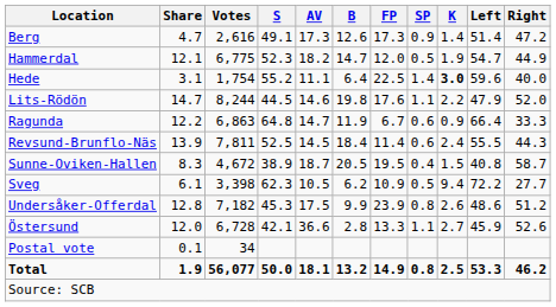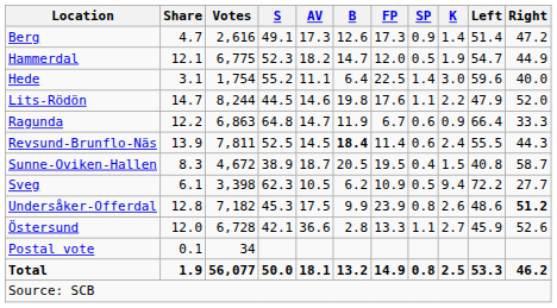 <table class="wikitable sortable" style=text-align:right>
 <tr>
 <th>Location</th>
 <th>Share</th>
 <th>Votes</th>
 <th><a href='#'>S</a></th>
 <th><a href='#'>AV</a></th>
 <th><a href='#'>B</a></th>
 <th><a href='#'>FP</a></th>
 <th><a href='#'>SP</a></th>
 <th><a href='#'>K</a></th>
 <th>Left</th>
 <th>Right</th>
 </tr>
 <tr>
 <td align=left><a href='#'>Berg</a></td>
 <td>4.7</td>
 <td>2,616</td>
 <td>49.1</td>
 <td>17.3</td>
 <td>12.6</td>
 <td>17.3</td>
 <td>0.9</td>
 <td>1.4</td>
 <td>51.4</td>
 <td>47.2</td>
 </tr>
 <tr>
 <td align=left><a href='#'>Hammerdal</a></td>
 <td>12.1</td>
 <td>6,775</td>
 <td>52.3</td>
 <td>18.2</td>
 <td>14.7</td>
 <td>12.0</td>
 <td>0.5</td>
 <td>1.9</td>
 <td>54.7</td>
 <td>44.9</td>
 </tr>
 <tr>
 <td align=left><a href='#'>Hede</a></td>
 <td>3.1</td>
 <td>1,754</td>
 <td>55.2</td>
 <td>11.1</td>
 <td>6.4</td>
 <td>22.5</td>
 <td>1.4</td>
-<td><strong>3.0</strong></td>
+<td>3.0</td>
 <td>59.6</td>
 <td>40.0</td>
 </tr>
 <tr>
 <td align=left><a href='#'>Lits-Rödön</a></td>
 <td>14.7</td>
 <td>8,244</td>
 <td>44.5</td>
 <td>14.6</td>
 <td>19.8</td>
 <td>17.6</td>
 <td>1.1</td>
 <td>2.2</td>
 <td>47.9</td>
 <td>52.0</td>
 </tr>
 <tr>
 <td align=left><a href='#'>Ragunda</a></td>
 <td>12.2</td>
 <td>6,863</td>
 <td>64.8</td>
 <td>14.7</td>
 <td>11.9</td>
 <td>6.7</td>
 <td>0.6</td>
 <td>0.9</td>
 <td>66.4</td>
 <td>33.3</td>
 </tr>
 <tr>
 <td align=left><a href='#'>Revsund-Brunflo-Näs</a></td>
 <td>13.9</td>
 <td>7,811</td>
 <td>52.5</td>
 <td>14.5</td>
-<td>18.4</td>
+<td><strong>18.4</strong></td>
 <td>11.4</td>
 <td>0.6</td>
 <td>2.4</td>
 <td>55.5</td>
 <td>44.3</td>
 </tr>
 <tr>
 <td align=left><a href='#'>Sunne-Oviken-Hallen</a></td>
 <td>8.3</td>
 <td>4,672</td>
 <td>38.9</td>
 <td>18.7</td>
 <td>20.5</td>
 <td>19.5</td>
 <td>0.4</td>
 <td>1.5</td>
 <td>40.8</td>
 <td>58.7</td>
 </tr>
 <tr>
 <td align=left><a href='#'>Sveg</a></td>
 <td>6.1</td>
 <td>3,398</td>
 <td>62.3</td>
 <td>10.5</td>
 <td>6.2</td>
 <td>10.9</td>
 <td>0.5</td>
 <td>9.4</td>
 <td>72.2</td>
 <td>27.7</td>
 </tr>
 <tr>
 <td align=left><a href='#'>Undersåker-Offerdal</a></td>
 <td>12.8</td>
 <td>7,182</td>
 <td>45.3</td>
 <td>17.5</td>
 <td>9.9</td>
 <td>23.9</td>
 <td>0.8</td>
 <td>2.6</td>
 <td>48.6</td>
-<td>51.2</td>
+<td><strong>51.2</strong></td>
 </tr>
 <tr>
 <td align=left><a href='#'>Östersund</a></td>
 <td>12.0</td>
 <td>6,728</td>
 <td>42.1</td>
 <td>36.6</td>
 <td>2.8</td>
 <td>13.3</td>
 <td>1.1</td>
 <td>2.7</td>
 <td>45.9</td>
 <td>52.6</td>
 </tr>
 <tr>
 <td align=left><a href='#'>Postal vote</a></td>
 <td>0.1</td>
 <td>34</td>
 <td></td>
 <td></td>
 <td></td>
 <td></td>
 <td></td>
 <td></td>
 <td></td>
 <td></td>
 </tr>
 <tr>
 <td align=left><strong>Total</strong></td>
 <td><strong>1.9</strong></td>
 <td><strong>56,077</strong></td>
 <td><strong>50.0</strong></td>
 <td><strong>18.1</strong></td>
 <td><strong>13.2</strong></td>
 <td><strong>14.9</strong></td>
 <td><strong>0.8</strong></td>
 <td><strong>2.5</strong></td>
 <td><strong>53.3</strong></td>
 <td><strong>46.2</strong></td>
 </tr>
 <tr>
 <td align=left colspan=11>Source: SCB </td>
 </tr>
 </table>
